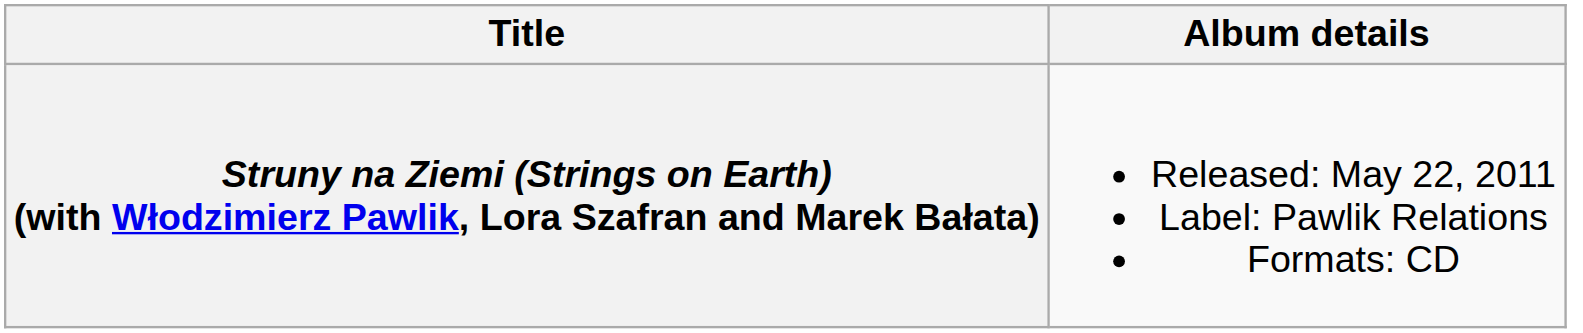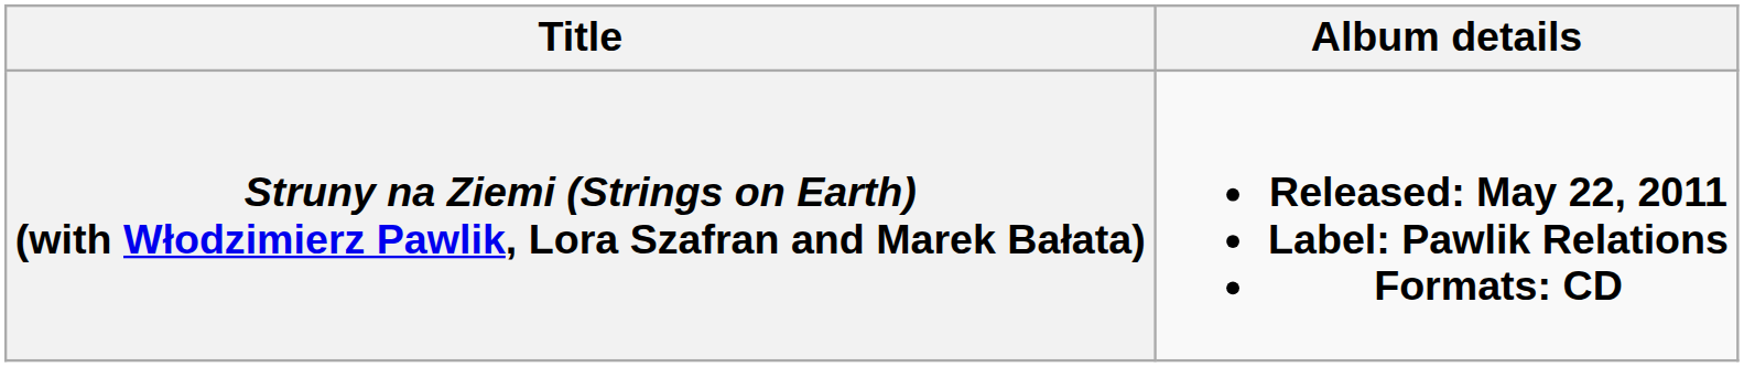 <table class="wikitable plainrowheaders" style="text-align:center;">
 <tr>
 <th scope="col">Title</th>
 <th scope="col">Album details</th>
 </tr>
 <tr>
 <th scope="row"><em>Struny na Ziemi (Strings on Earth)</em><br>(with <a href='#'>Włodzimierz Pawlik</a>, Lora Szafran and Marek Bałata)</th>
-<td><br><ul><li>Released: May 22, 2011</li><li>Label: Pawlik Relations</li><li>Formats: CD</li></ul></td>
+<td><strong><br><ul><li>Released: May 22, 2011</li><li>Label: Pawlik Relations</li><li>Formats: CD</li></ul></strong></td>
 </tr>
 </table>
